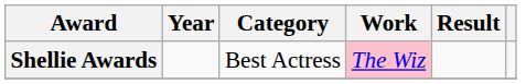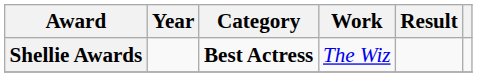 <table class="wikitable sortable plainrowheaders">
 <tr>
 <th scope="col">Award</th>
 <th scope="col">Year</th>
 <th scope="col">Category</th>
 <th scope="col">Work</th>
 <th scope="col">Result</th>
 <th scope="col" class="unsortable"></th>
 </tr>
 <tr>
 <th scope="row" rowspan="1">Shellie Awards</th>
 <td></td>
-<td>Best Actress</td>
-<td style="background: pink;"><em><a href='#'>The Wiz</a></em></td>
+<td><strong>Best Actress</strong></td>
+<td><em><a href='#'>The Wiz</a></em></td>
 <td></td>
 <td></td>
 </tr>
 <tr>
 </tr>
 </table>
